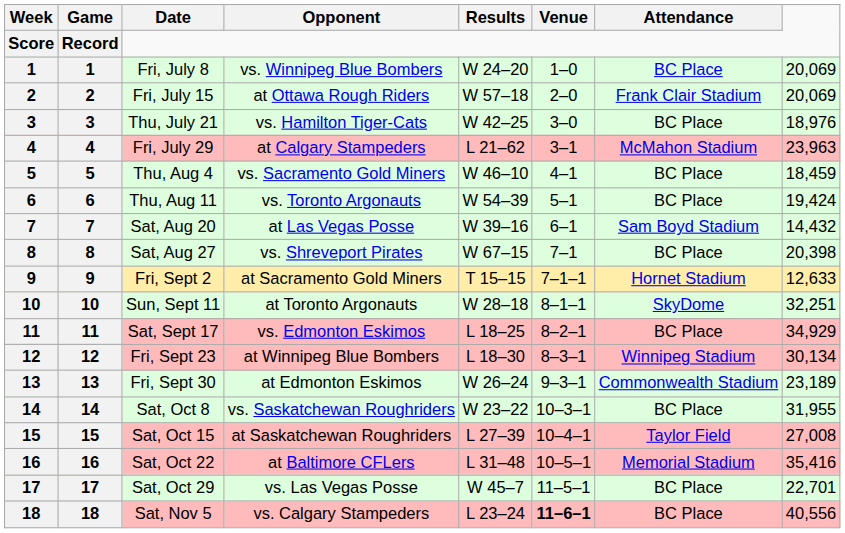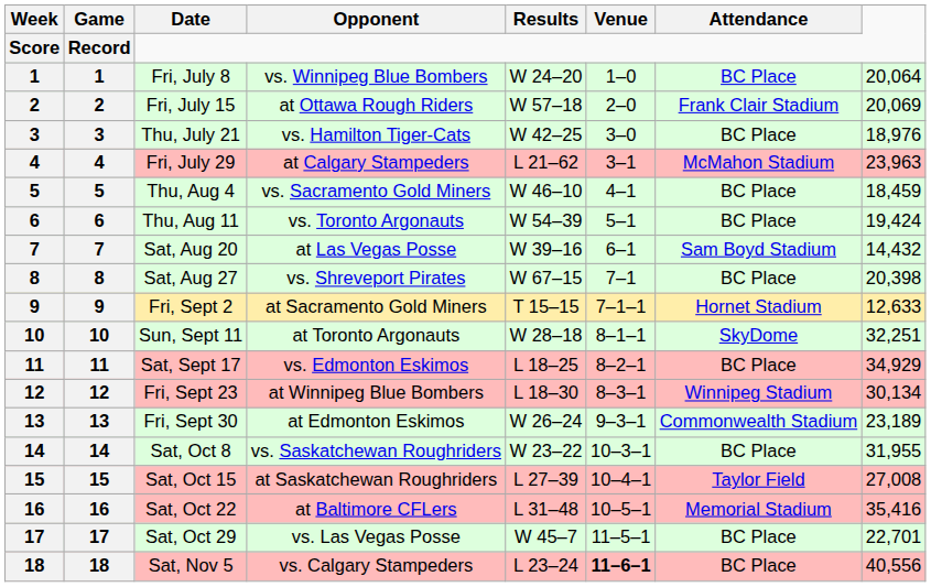 <table class="wikitable" style="text-align:center">
 <tr>
 <th>Week</th>
 <th>Game</th>
 <th>Date</th>
 <th>Opponent</th>
 <th>Results</th>
 <th>Venue</th>
 <th>Attendance</th>
 </tr>
 <tr>
 <th>Score</th>
 <th>Record</th>
 </tr>
 <tr style="background:#ddffdd">
 <th>1</th>
 <th>1</th>
 <td>Fri, July 8</td>
 <td>vs. <a href='#'>Winnipeg Blue Bombers</a></td>
 <td>W 24–20</td>
 <td>1–0</td>
 <td><a href='#'>BC Place</a></td>
-<td>20,069</td>
+<td>20,064</td>
 </tr>
 <tr style="background:#ddffdd">
 <th>2</th>
 <th>2</th>
 <td>Fri, July 15</td>
 <td>at <a href='#'>Ottawa Rough Riders</a></td>
 <td>W 57–18</td>
 <td>2–0</td>
 <td><a href='#'>Frank Clair Stadium</a></td>
 <td>20,069</td>
 </tr>
 <tr align="center" bgcolor="#ddffdd">
 <th>3</th>
 <th>3</th>
 <td>Thu, July 21</td>
 <td>vs. <a href='#'>Hamilton Tiger-Cats</a></td>
 <td>W 42–25</td>
 <td>3–0</td>
 <td>BC Place</td>
 <td>18,976</td>
 </tr>
 <tr style="background:#ffbbbb">
 <th>4</th>
 <th>4</th>
 <td>Fri, July 29</td>
 <td>at <a href='#'>Calgary Stampeders</a></td>
 <td>L 21–62</td>
 <td>3–1</td>
 <td><a href='#'>McMahon Stadium</a></td>
 <td>23,963</td>
 </tr>
 <tr style="background:#ddffdd">
 <th>5</th>
 <th>5</th>
 <td>Thu, Aug 4</td>
 <td>vs. <a href='#'>Sacramento Gold Miners</a></td>
 <td>W 46–10</td>
 <td>4–1</td>
 <td>BC Place</td>
 <td>18,459</td>
 </tr>
 <tr style="background:#ddffdd">
 <th>6</th>
 <th>6</th>
 <td>Thu, Aug 11</td>
 <td>vs. <a href='#'>Toronto Argonauts</a></td>
 <td>W 54–39</td>
 <td>5–1</td>
 <td>BC Place</td>
 <td>19,424</td>
 </tr>
 <tr style="background:#ddffdd">
 <th>7</th>
 <th>7</th>
 <td>Sat, Aug 20</td>
 <td>at <a href='#'>Las Vegas Posse</a></td>
 <td>W 39–16</td>
 <td>6–1</td>
 <td><a href='#'>Sam Boyd Stadium</a></td>
 <td>14,432</td>
 </tr>
 <tr align="center" bgcolor="#ddffdd">
 <th>8</th>
 <th>8</th>
 <td>Sat, Aug 27</td>
 <td>vs. <a href='#'>Shreveport Pirates</a></td>
 <td>W 67–15</td>
 <td>7–1</td>
 <td>BC Place</td>
 <td>20,398</td>
 </tr>
 <tr style="background:#ffeeaa">
 <th>9</th>
 <th>9</th>
 <td>Fri, Sept 2</td>
 <td>at Sacramento Gold Miners</td>
 <td>T 15–15</td>
 <td>7–1–1</td>
 <td><a href='#'>Hornet Stadium</a></td>
 <td>12,633</td>
 </tr>
 <tr style="background:#ddffdd">
 <th>10</th>
 <th>10</th>
 <td>Sun, Sept 11</td>
 <td>at Toronto Argonauts</td>
 <td>W 28–18</td>
 <td>8–1–1</td>
 <td><a href='#'>SkyDome</a></td>
 <td>32,251</td>
 </tr>
 <tr style="background:#ffbbbb">
 <th>11</th>
 <th>11</th>
 <td>Sat, Sept 17</td>
 <td>vs. <a href='#'>Edmonton Eskimos</a></td>
 <td>L 18–25</td>
 <td>8–2–1</td>
 <td>BC Place</td>
 <td>34,929</td>
 </tr>
 <tr style="background:#ffbbbb">
 <th>12</th>
 <th>12</th>
 <td>Fri, Sept 23</td>
 <td>at Winnipeg Blue Bombers</td>
 <td>L 18–30</td>
 <td>8–3–1</td>
 <td><a href='#'>Winnipeg Stadium</a></td>
 <td>30,134</td>
 </tr>
 <tr style="background:#ddffdd">
 <th>13</th>
 <th>13</th>
 <td>Fri, Sept 30</td>
 <td>at Edmonton Eskimos</td>
 <td>W 26–24</td>
 <td>9–3–1</td>
 <td><a href='#'>Commonwealth Stadium</a></td>
 <td>23,189</td>
 </tr>
 <tr style="background:#ddffdd">
 <th>14</th>
 <th>14</th>
 <td>Sat, Oct 8</td>
 <td>vs. <a href='#'>Saskatchewan Roughriders</a></td>
 <td>W 23–22</td>
 <td>10–3–1</td>
 <td>BC Place</td>
 <td>31,955</td>
 </tr>
 <tr style="background:#ffbbbb">
 <th>15</th>
 <th>15</th>
 <td>Sat, Oct 15</td>
 <td>at Saskatchewan Roughriders</td>
 <td>L 27–39</td>
 <td>10–4–1</td>
 <td><a href='#'>Taylor Field</a></td>
 <td>27,008</td>
 </tr>
 <tr style="background:#ffbbbb">
 <th>16</th>
 <th>16</th>
 <td>Sat, Oct 22</td>
 <td>at <a href='#'>Baltimore CFLers</a></td>
 <td>L 31–48</td>
 <td>10–5–1</td>
 <td><a href='#'>Memorial Stadium</a></td>
 <td>35,416</td>
 </tr>
 <tr style="background:#ddffdd">
 <th>17</th>
 <th>17</th>
 <td>Sat, Oct 29</td>
 <td>vs. Las Vegas Posse</td>
 <td>W 45–7</td>
 <td>11–5–1</td>
 <td>BC Place</td>
 <td>22,701</td>
 </tr>
 <tr style="background:#ffbbbb">
 <th>18</th>
 <th>18</th>
 <td>Sat, Nov 5</td>
 <td>vs. Calgary Stampeders</td>
 <td>L 23–24</td>
 <td><strong>11–6–1</strong></td>
 <td>BC Place</td>
 <td>40,556</td>
 </tr>
 </table>
